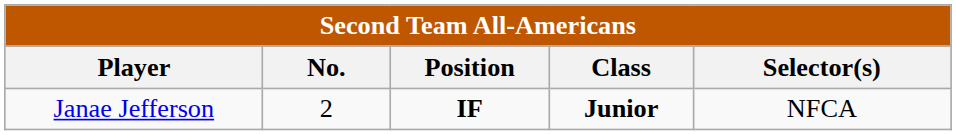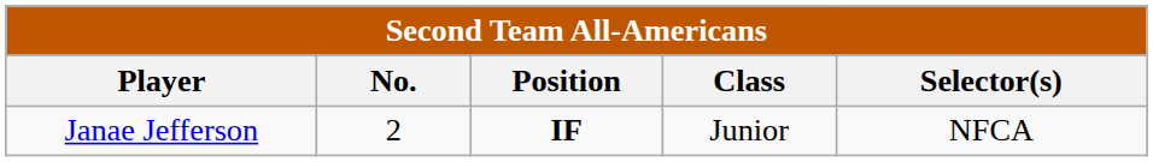 <table class="wikitable" style="text-align:center">
 <tr>
 <td colspan="5" style= "background: #BF5700; color:white"><strong>Second Team All-Americans</strong></td>
 </tr>
 <tr>
 <th style="width:150px; ">Player</th>
 <th style="width:70px; ">No.</th>
 <th style="width:90px; ">Position</th>
 <th style="width:80px; ">Class</th>
 <th style="width:150px; ">Selector(s)</th>
 </tr>
 <tr>
 <td><a href='#'>Janae Jefferson</a></td>
 <td>2</td>
 <td><strong>IF</strong></td>
-<td><strong>Junior</strong></td>
+<td>Junior</td>
 <td>NFCA</td>
 </tr>
 </table>
